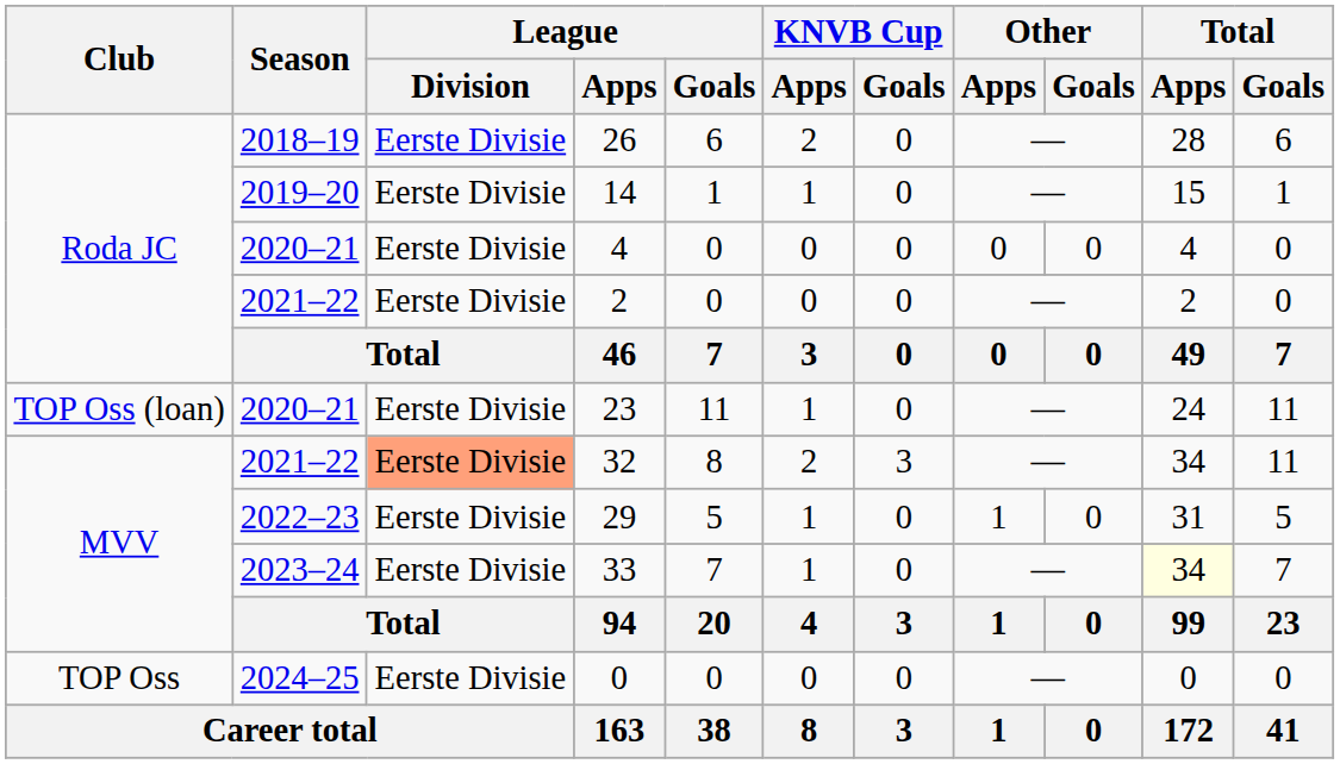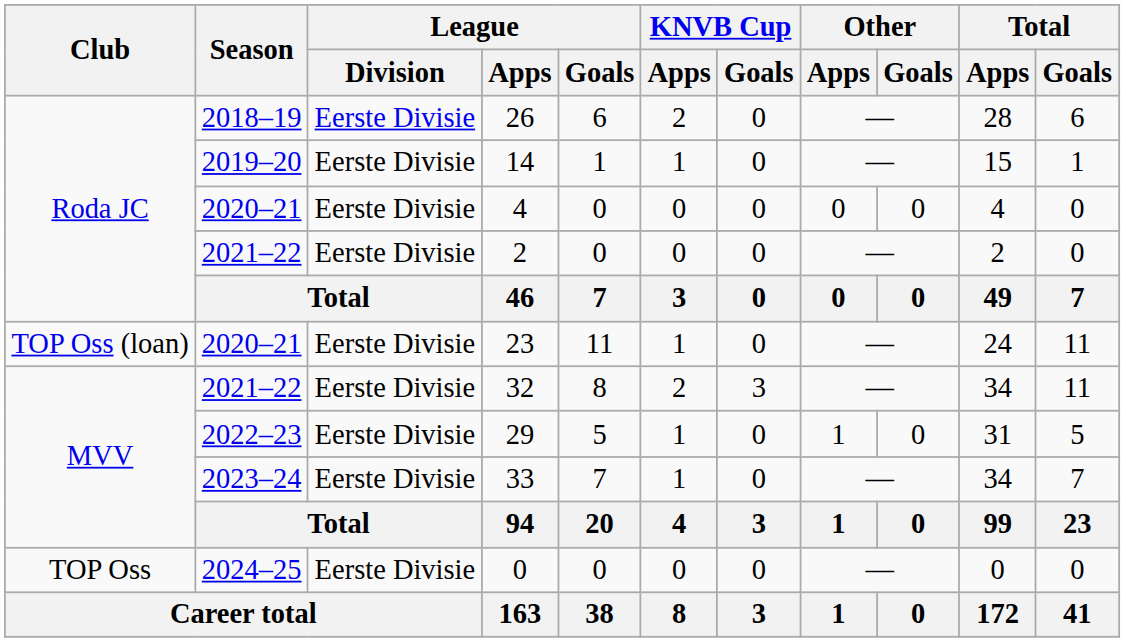 <table class="wikitable" style="text-align:center">
 <tr>
 <th rowspan="2">Club</th>
 <th rowspan="2">Season</th>
 <th colspan="3">League</th>
 <th colspan="2"><a href='#'>KNVB Cup</a></th>
 <th colspan="2">Other</th>
 <th colspan="2">Total</th>
 </tr>
 <tr>
 <th>Division</th>
 <th>Apps</th>
 <th>Goals</th>
 <th>Apps</th>
 <th>Goals</th>
 <th>Apps</th>
 <th>Goals</th>
 <th>Apps</th>
 <th>Goals</th>
 </tr>
 <tr>
 <td rowspan="5"><a href='#'>Roda JC</a></td>
 <td><a href='#'>2018–19</a></td>
 <td><a href='#'>Eerste Divisie</a></td>
 <td>26</td>
 <td>6</td>
 <td>2</td>
 <td>0</td>
 <td colspan="2">—</td>
 <td>28</td>
 <td>6</td>
 </tr>
 <tr>
 <td><a href='#'>2019–20</a></td>
 <td>Eerste Divisie</td>
 <td>14</td>
 <td>1</td>
 <td>1</td>
 <td>0</td>
 <td colspan="2">—</td>
 <td>15</td>
 <td>1</td>
 </tr>
 <tr>
 <td><a href='#'>2020–21</a></td>
 <td>Eerste Divisie</td>
 <td>4</td>
 <td>0</td>
 <td>0</td>
 <td>0</td>
 <td>0</td>
 <td>0</td>
 <td>4</td>
 <td>0</td>
 </tr>
 <tr>
 <td><a href='#'>2021–22</a></td>
 <td>Eerste Divisie</td>
 <td>2</td>
 <td>0</td>
 <td>0</td>
 <td>0</td>
 <td colspan="2">—</td>
 <td>2</td>
 <td>0</td>
 </tr>
 <tr>
 <th colspan="2">Total</th>
 <th>46</th>
 <th>7</th>
 <th>3</th>
 <th>0</th>
 <th>0</th>
 <th>0</th>
 <th>49</th>
 <th>7</th>
 </tr>
 <tr>
 <td><a href='#'>TOP Oss</a> (loan)</td>
 <td><a href='#'>2020–21</a></td>
 <td>Eerste Divisie</td>
 <td>23</td>
 <td>11</td>
 <td>1</td>
 <td>0</td>
 <td colspan="2">—</td>
 <td>24</td>
 <td>11</td>
 </tr>
 <tr>
 <td rowspan="4"><a href='#'>MVV</a></td>
 <td><a href='#'>2021–22</a></td>
-<td style="background: lightsalmon;">Eerste Divisie</td>
+<td>Eerste Divisie</td>
 <td>32</td>
 <td>8</td>
 <td>2</td>
 <td>3</td>
 <td colspan="2">—</td>
 <td>34</td>
 <td>11</td>
 </tr>
 <tr>
 <td><a href='#'>2022–23</a></td>
 <td>Eerste Divisie</td>
 <td>29</td>
 <td>5</td>
 <td>1</td>
 <td>0</td>
 <td>1</td>
 <td>0</td>
 <td>31</td>
 <td>5</td>
 </tr>
 <tr>
 <td><a href='#'>2023–24</a></td>
 <td>Eerste Divisie</td>
 <td>33</td>
 <td>7</td>
 <td>1</td>
 <td>0</td>
 <td colspan="2">—</td>
-<td style="background: lightyellow;">34</td>
+<td>34</td>
 <td>7</td>
 </tr>
 <tr>
 <th colspan="2">Total</th>
 <th>94</th>
 <th>20</th>
 <th>4</th>
 <th>3</th>
 <th>1</th>
 <th>0</th>
 <th>99</th>
 <th>23</th>
 </tr>
 <tr>
 <td>TOP Oss</td>
 <td><a href='#'>2024–25</a></td>
 <td>Eerste Divisie</td>
 <td>0</td>
 <td>0</td>
 <td>0</td>
 <td>0</td>
 <td colspan="2">—</td>
 <td>0</td>
 <td>0</td>
 </tr>
 <tr>
 <th colspan="3">Career total</th>
 <th>163</th>
 <th>38</th>
 <th>8</th>
 <th>3</th>
 <th>1</th>
 <th>0</th>
 <th>172</th>
 <th>41</th>
 </tr>
 </table>
